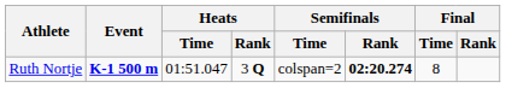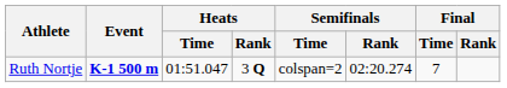 <table class=wikitable style="font-size:90%">
 <tr>
 <th rowspan="2">Athlete</th>
 <th rowspan="2">Event</th>
 <th colspan="2">Heats</th>
 <th colspan="2">Semifinals</th>
 <th colspan="2">Final</th>
 </tr>
 <tr>
 <th>Time</th>
 <th>Rank</th>
 <th>Time</th>
 <th>Rank</th>
 <th>Time</th>
 <th>Rank</th>
 </tr>
 <tr>
 <td><a href='#'>Ruth Nortje</a></td>
 <td><strong><a href='#'>K-1 500 m</a></strong></td>
 <td align=center>01:51.047</td>
 <td align=center>3 <strong>Q</strong></td>
 <td>colspan=2 </td>
-<td align=center><strong>02:20.274</strong></td>
-<td align=center>8</td>
+<td align=center>02:20.274</td>
+<td align=center>7</td>
 </tr>
 </table>
